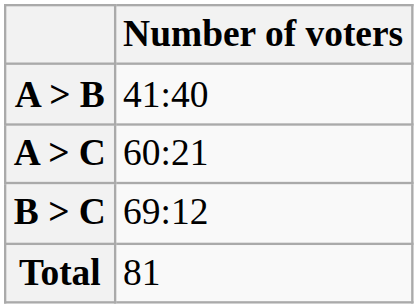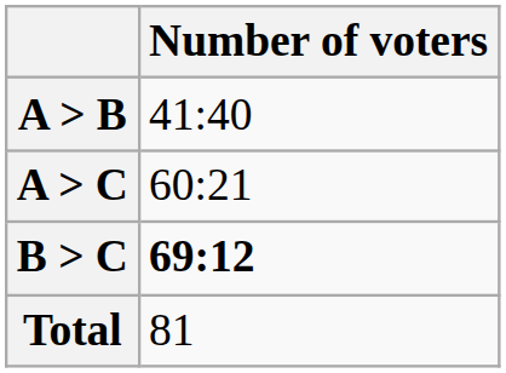 <table class="wikitable floatleft">
 <tr>
 <th></th>
 <th>Number of voters</th>
 </tr>
 <tr>
 <th>A > B</th>
 <td>41:40</td>
 </tr>
 <tr>
 <th>A > C</th>
 <td>60:21</td>
 </tr>
 <tr>
 <th>B > C</th>
-<td>69:12</td>
+<td><strong>69:12</strong></td>
 </tr>
 <tr>
 <th>Total</th>
 <td>81</td>
 </tr>
 </table>
